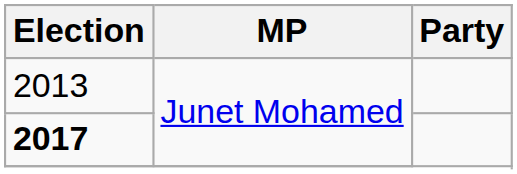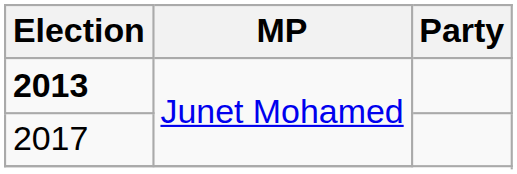 <table class="wikitable">
 <tr>
 <th>Election</th>
 <th>MP </th>
 <th colspan=2>Party</th>
 </tr>
 <tr>
-<td>2013</td>
+<td><strong>2013</strong></td>
 <td rowspan=2><a href='#'>Junet Mohamed</a></td>
 <td></td>
 </tr>
 <tr>
-<td><strong>2017</strong></td>
+<td>2017</td>
 </tr>
 <tr>
 </tr>
 </table>
